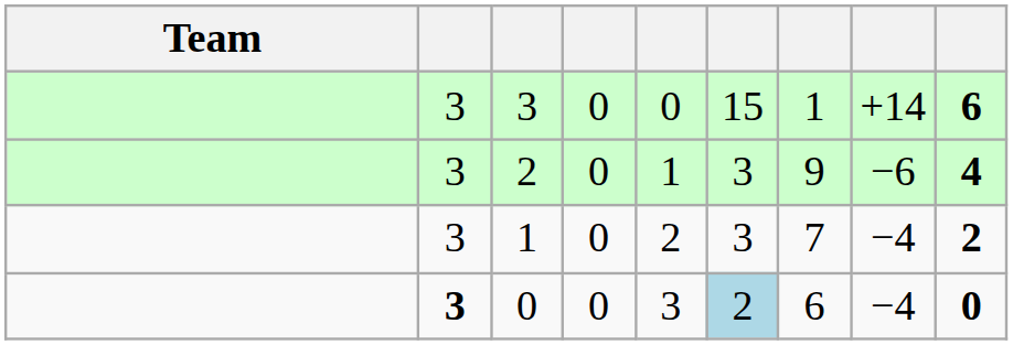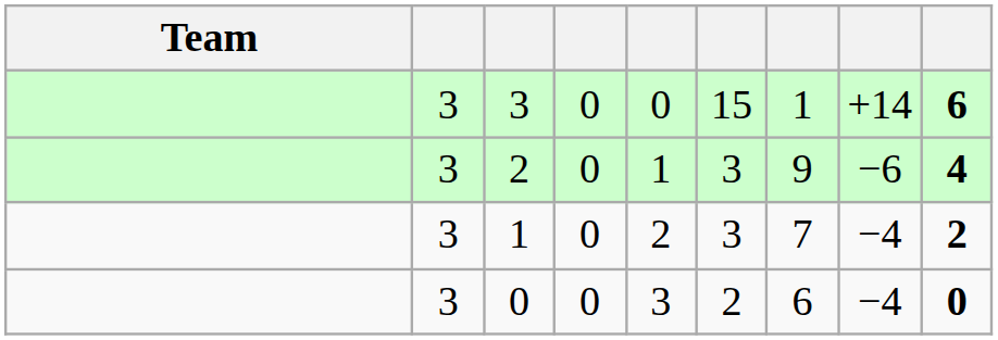 <table class="wikitable" style="text-align:center;">
 <tr>
 <th width=150>Team</th>
 <th width=20></th>
 <th width=20></th>
 <th width=20></th>
 <th width=20></th>
 <th width=20></th>
 <th width=20></th>
 <th width=20></th>
 <th width=20></th>
 </tr>
 <tr bgcolor="#ccffcc">
 <td align=left></td>
 <td>3</td>
 <td>3</td>
 <td>0</td>
 <td>0</td>
 <td>15</td>
 <td>1</td>
 <td>+14</td>
 <td><strong>6</strong></td>
 </tr>
 <tr bgcolor="#ccffcc">
 <td align=left></td>
 <td>3</td>
 <td>2</td>
 <td>0</td>
 <td>1</td>
 <td>3</td>
 <td>9</td>
 <td>−6</td>
 <td><strong>4</strong></td>
 </tr>
 <tr>
 <td align=left></td>
 <td>3</td>
 <td>1</td>
 <td>0</td>
 <td>2</td>
 <td>3</td>
 <td>7</td>
 <td>−4</td>
 <td><strong>2</strong></td>
 </tr>
 <tr>
 <td align=left></td>
-<td><strong>3</strong></td>
+<td>3</td>
 <td>0</td>
 <td>0</td>
 <td>3</td>
-<td style="background: lightblue;">2</td>
+<td>2</td>
 <td>6</td>
 <td>−4</td>
 <td><strong>0</strong></td>
 </tr>
 </table>
